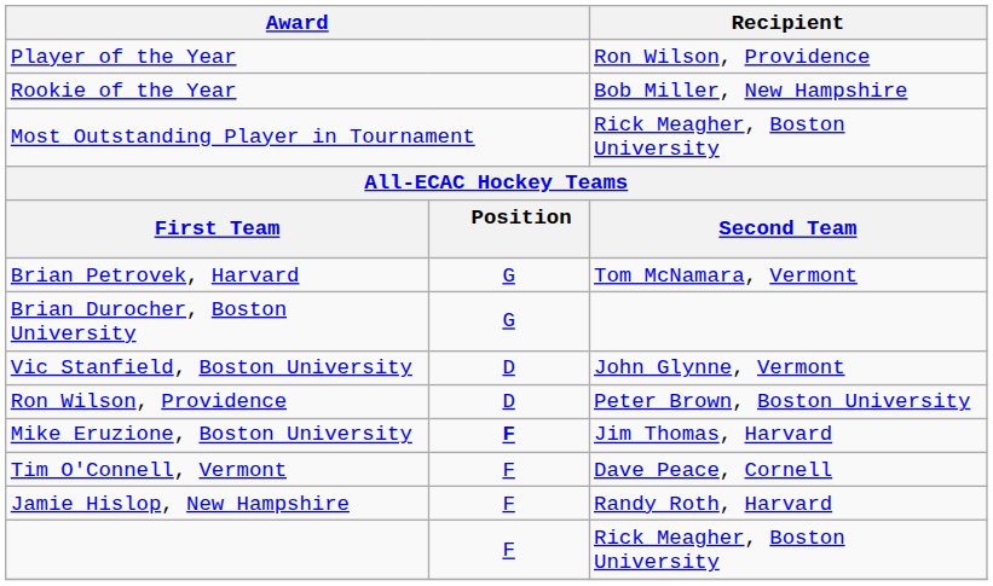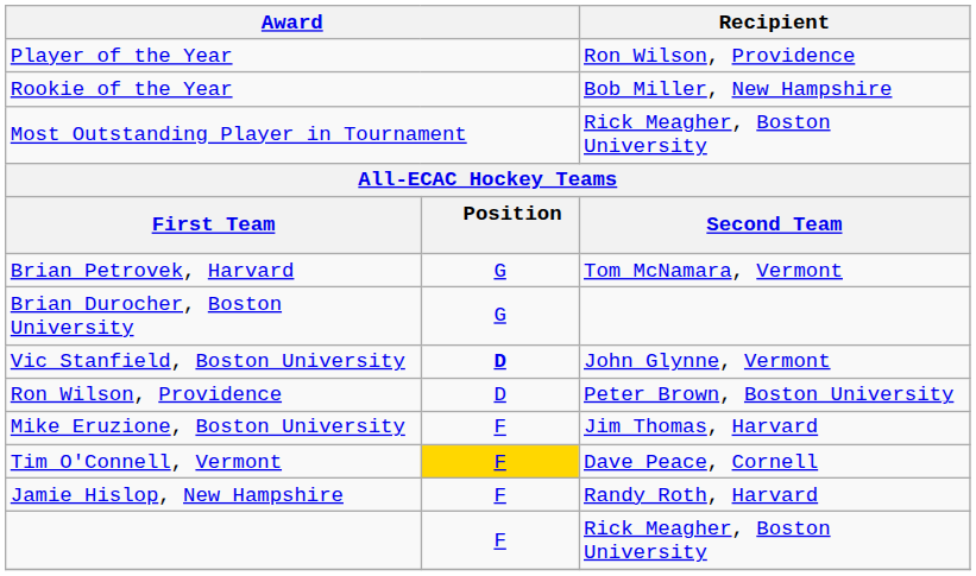 <table class="wikitable">
 <tr>
 <th colspan=2><a href='#'>Award</a></th>
 <th>Recipient</th>
 </tr>
 <tr>
 <td colspan=2><a href='#'>Player of the Year</a></td>
 <td><a href='#'>Ron Wilson</a>, <a href='#'>Providence</a></td>
 </tr>
 <tr>
 <td colspan=2><a href='#'>Rookie of the Year</a></td>
 <td><a href='#'>Bob Miller</a>, <a href='#'>New Hampshire</a></td>
 </tr>
 <tr>
 <td colspan=2><a href='#'>Most Outstanding Player in Tournament</a></td>
 <td><a href='#'>Rick Meagher</a>, <a href='#'>Boston University</a></td>
 </tr>
 <tr>
 <th colspan=3><a href='#'>All-ECAC Hockey Teams</a></th>
 </tr>
 <tr>
 <th><a href='#'>First Team</a></th>
 <th>  Position  </th>
 <th><a href='#'>Second Team</a></th>
 </tr>
 <tr>
 <td><a href='#'>Brian Petrovek</a>, <a href='#'>Harvard</a></td>
 <td align=center><a href='#'>G</a></td>
 <td><a href='#'>Tom McNamara</a>, <a href='#'>Vermont</a></td>
 </tr>
 <tr>
 <td><a href='#'>Brian Durocher</a>, <a href='#'>Boston University</a></td>
 <td align=center><a href='#'>G</a></td>
 <td></td>
 </tr>
 <tr>
 <td><a href='#'>Vic Stanfield</a>, <a href='#'>Boston University</a></td>
-<td align=center><a href='#'>D</a></td>
+<td align=center><strong><a href='#'>D</a></strong></td>
 <td><a href='#'>John Glynne</a>, <a href='#'>Vermont</a></td>
 </tr>
 <tr>
 <td><a href='#'>Ron Wilson</a>, <a href='#'>Providence</a></td>
 <td align=center><a href='#'>D</a></td>
 <td><a href='#'>Peter Brown</a>, <a href='#'>Boston University</a></td>
 </tr>
 <tr>
 <td><a href='#'>Mike Eruzione</a>, <a href='#'>Boston University</a></td>
-<td align=center><strong><a href='#'>F</a></strong></td>
+<td align=center><a href='#'>F</a></td>
 <td><a href='#'>Jim Thomas</a>, <a href='#'>Harvard</a></td>
 </tr>
 <tr>
 <td><a href='#'>Tim O'Connell</a>, <a href='#'>Vermont</a></td>
-<td align=center><a href='#'>F</a></td>
+<td align=center style="background: gold;"><a href='#'>F</a></td>
 <td><a href='#'>Dave Peace</a>, <a href='#'>Cornell</a></td>
 </tr>
 <tr>
 <td><a href='#'>Jamie Hislop</a>, <a href='#'>New Hampshire</a></td>
 <td align=center><a href='#'>F</a></td>
 <td><a href='#'>Randy Roth</a>, <a href='#'>Harvard</a></td>
 </tr>
 <tr>
 <td></td>
 <td align=center><a href='#'>F</a></td>
 <td><a href='#'>Rick Meagher</a>, <a href='#'>Boston University</a></td>
 </tr>
 <tr>
 </tr>
 </table>
